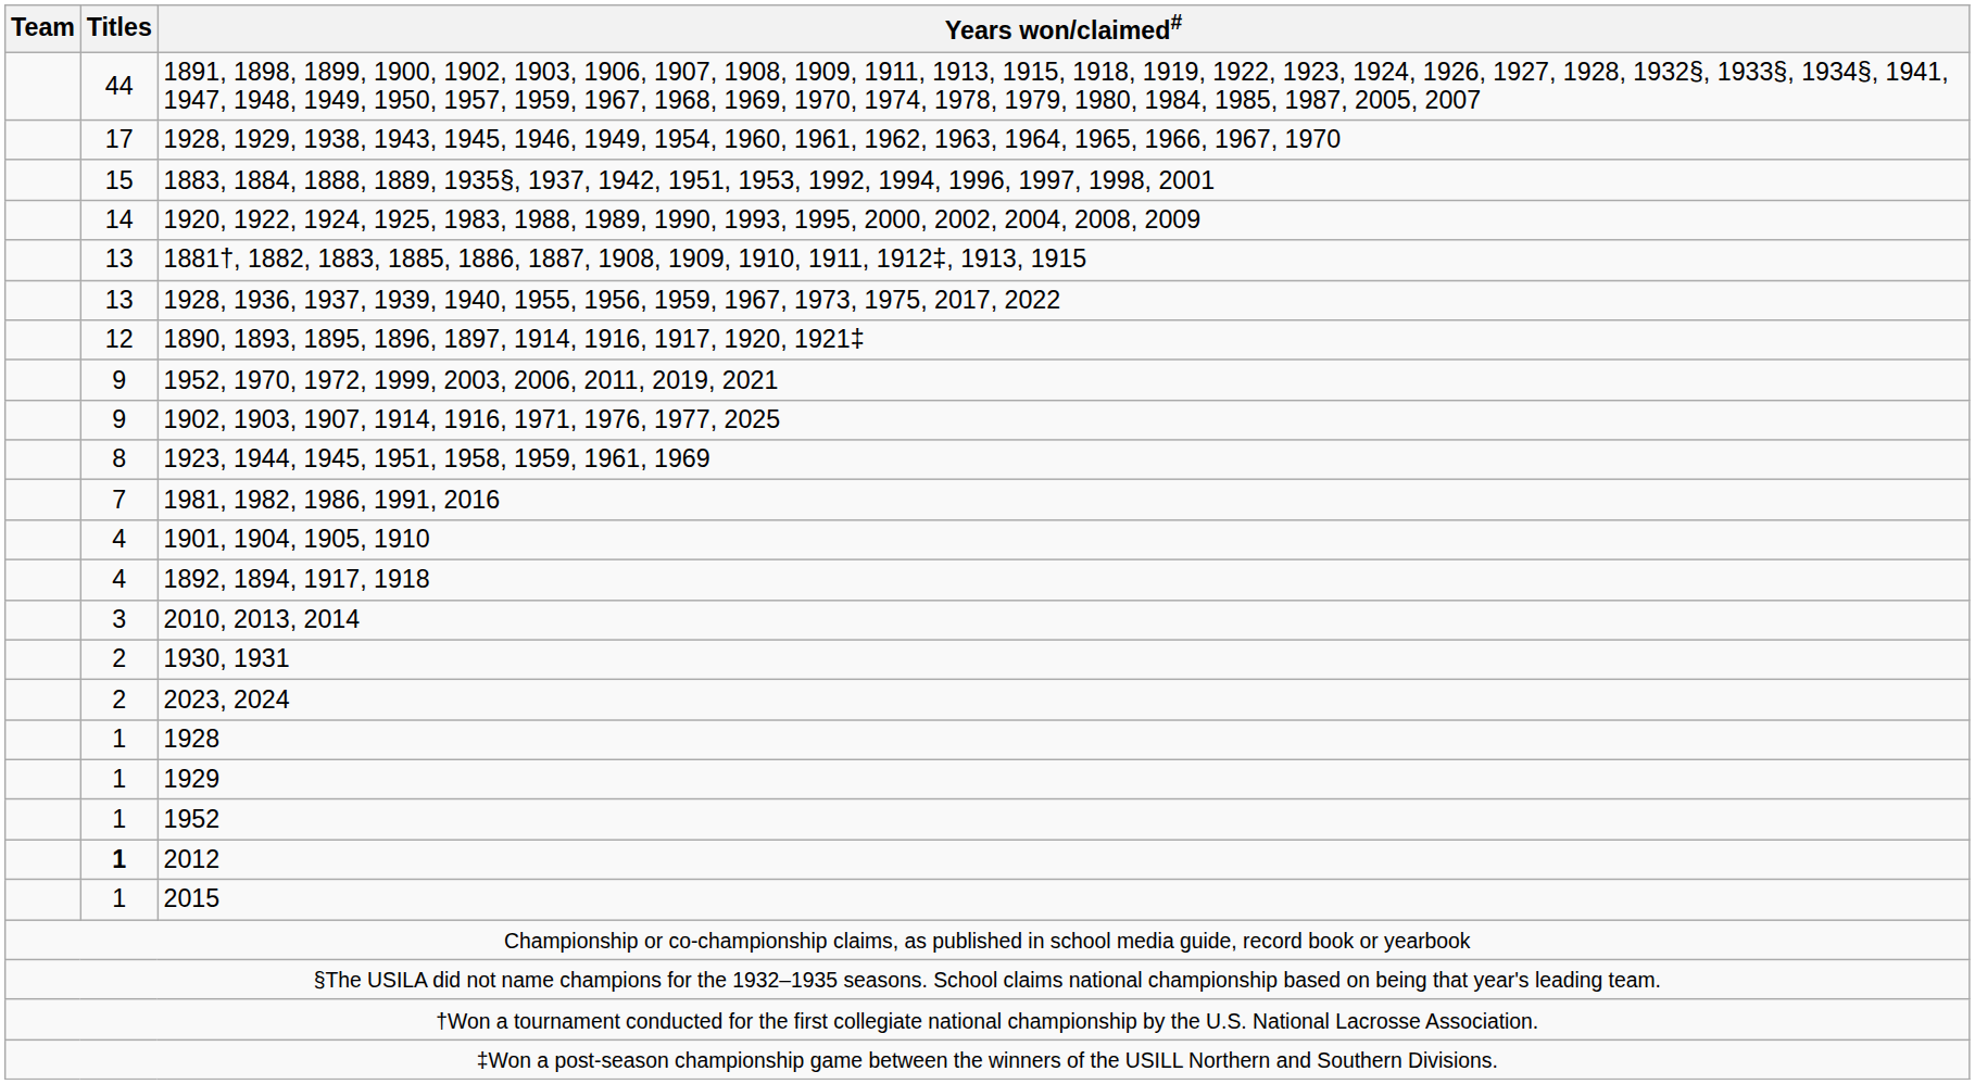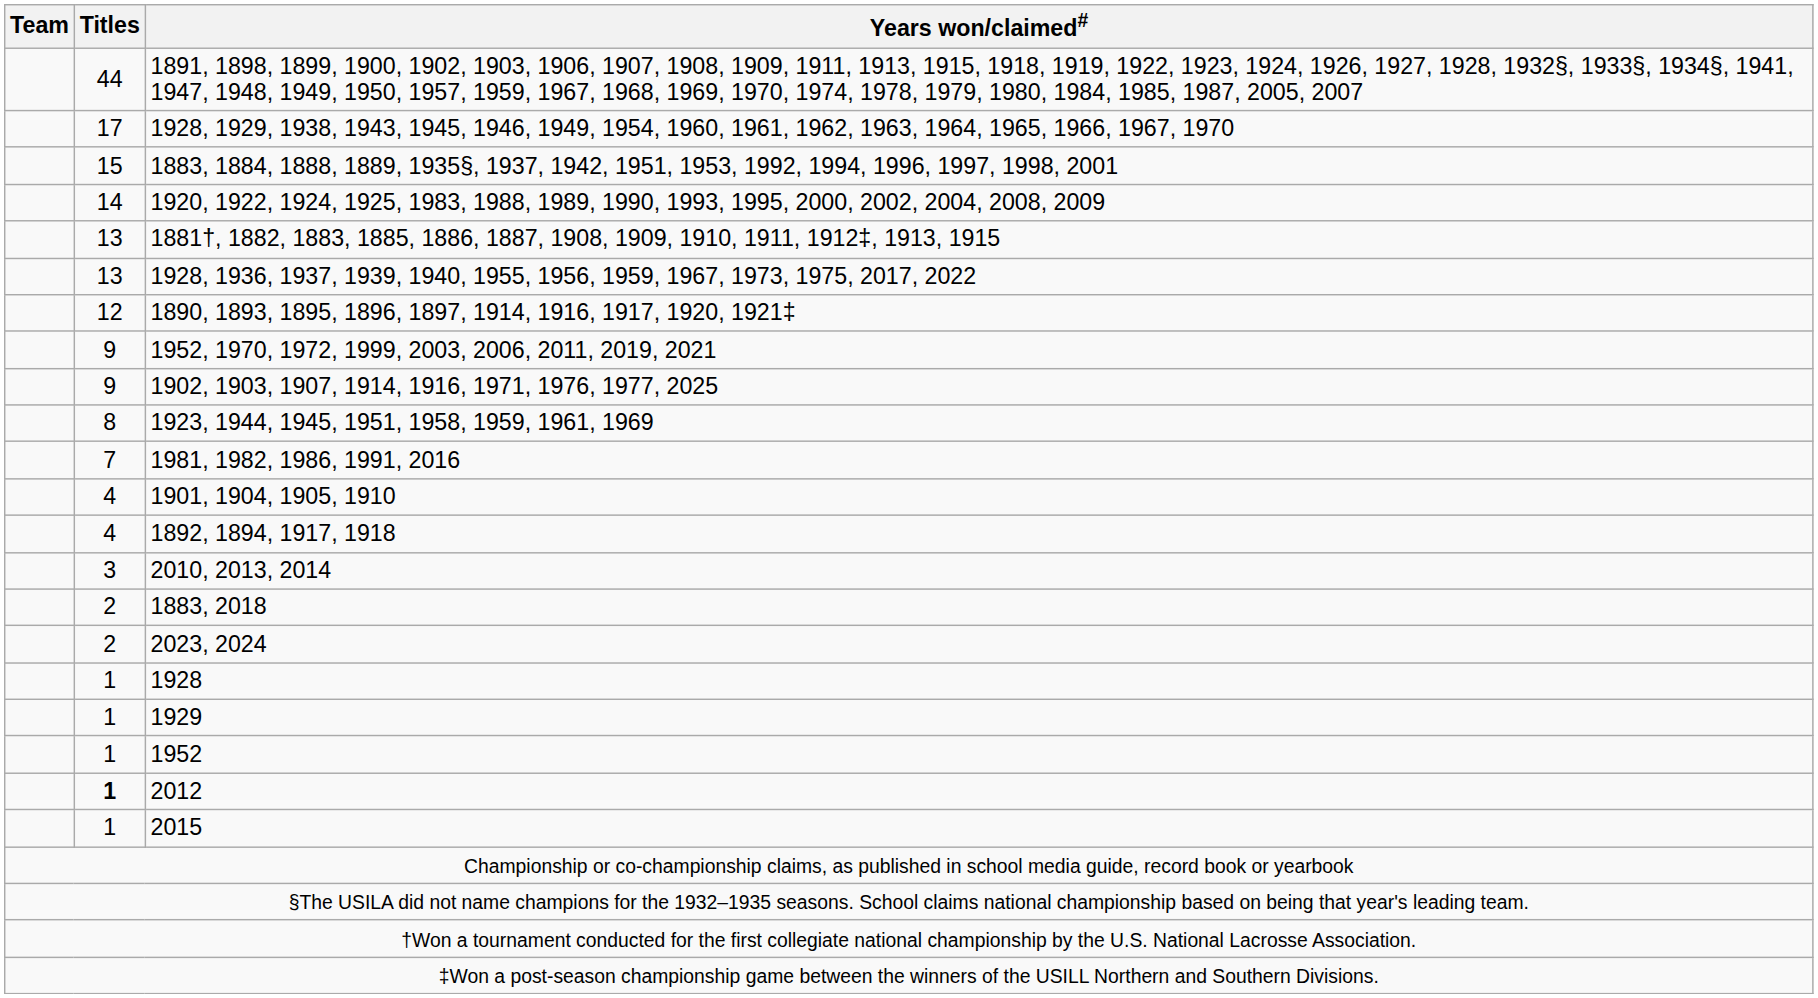 <table class="wikitable sortable" style=text-align:center>
 <tr>
 <th>Team</th>
 <th>Titles</th>
 <th>Years won/claimed<sup>#</sup></th>
 </tr>
 <tr>
 <td><strong></strong></td>
 <td>44</td>
 <td align=left>1891, 1898, 1899, 1900, 1902, 1903, 1906, 1907, 1908, 1909, 1911, 1913, 1915, 1918, 1919, 1922, 1923, 1924, 1926, 1927, 1928, 1932§, 1933§, 1934§, 1941, 1947, 1948, 1949, 1950, 1957, 1959, 1967, 1968, 1969, 1970, 1974, 1978, 1979, 1980, 1984, 1985, 1987, 2005, 2007</td>
 </tr>
 <tr>
 <td><strong></strong></td>
 <td>17</td>
 <td align=left>1928, 1929, 1938, 1943, 1945, 1946, 1949, 1954, 1960, 1961, 1962, 1963, 1964, 1965, 1966, 1967, 1970</td>
 </tr>
 <tr>
 <td><strong></strong></td>
 <td>15</td>
 <td align=left>1883, 1884, 1888, 1889, 1935§, 1937, 1942, 1951, 1953, 1992, 1994, 1996, 1997, 1998, 2001</td>
 </tr>
 <tr>
 <td><strong></strong></td>
 <td>14</td>
 <td align=left>1920, 1922, 1924, 1925, 1983, 1988, 1989, 1990, 1993, 1995, 2000, 2002, 2004, 2008, 2009</td>
 </tr>
 <tr>
 <td><strong><a href='#'></a></strong></td>
 <td>13</td>
 <td align=left>1881†, 1882, 1883, 1885, 1886, 1887, 1908, 1909, 1910, 1911, 1912‡, 1913, 1915</td>
 </tr>
 <tr>
 <td><strong><a href='#'></a></strong></td>
 <td>13</td>
 <td align=left>1928, 1936, 1937, 1939, 1940, 1955, 1956, 1959, 1967, 1973, 1975, 2017, 2022</td>
 </tr>
 <tr>
 <td><strong><a href='#'></a></strong></td>
 <td>12</td>
 <td align=left>1890, 1893, 1895, 1896, 1897, 1914, 1916, 1917, 1920, 1921‡</td>
 </tr>
 <tr>
 <td><strong><a href='#'></a></strong></td>
 <td>9</td>
 <td align=left>1952, 1970, 1972, 1999, 2003, 2006, 2011, 2019, 2021</td>
 </tr>
 <tr>
 <td><strong><a href='#'></a></strong></td>
 <td>9</td>
 <td align=left>1902, 1903, 1907, 1914, 1916, 1971, 1976, 1977, 2025</td>
 </tr>
 <tr>
 <td><strong></strong></td>
 <td>8</td>
 <td align=left>1923, 1944, 1945, 1951, 1958, 1959, 1961, 1969</td>
 </tr>
 <tr>
 <td><strong></strong></td>
 <td>7</td>
 <td align=left>1981, 1982, 1986, 1991, 2016</td>
 </tr>
 <tr>
 <td><strong><a href='#'></a></strong></td>
 <td>4</td>
 <td align=left>1901, 1904, 1905, 1910</td>
 </tr>
 <tr>
 <td><strong><a href='#'></a></strong></td>
 <td>4</td>
 <td align=left>1892, 1894, 1917, 1918</td>
 </tr>
 <tr>
 <td><strong><a href='#'></a></strong></td>
 <td>3</td>
 <td align=left>2010, 2013, 2014</td>
 </tr>
 <tr>
 <td><strong><a href='#'></a></strong></td>
 <td>2</td>
-<td align=left>1930, 1931</td>
+<td align=left>1883, 2018</td>
 </tr>
 <tr>
 <td><strong></strong></td>
 <td>2</td>
 <td align=left>2023, 2024</td>
 </tr>
 <tr>
 <td><strong><a href='#'></a></strong></td>
 <td>1</td>
 <td align=left>1928</td>
 </tr>
 <tr>
 <td><strong><a href='#'></a></strong></td>
 <td>1</td>
 <td align=left>1929</td>
 </tr>
 <tr>
 <td><strong><a href='#'></a></strong></td>
 <td>1</td>
 <td align=left>1952</td>
 </tr>
 <tr>
 <td><strong></strong></td>
 <td><strong>1</strong></td>
 <td align=left>2012</td>
 </tr>
 <tr>
 <td><strong><a href='#'></a></strong></td>
 <td>1</td>
 <td align=left>2015</td>
 </tr>
 <tr>
 <td colspan="3"><small>Championship or co-championship claims, as published in school media guide, record book or yearbook</small></td>
 </tr>
 <tr>
 <td colspan="3"><small>§The USILA did not name champions for the 1932–1935 seasons. School claims national championship based on being that year's leading team.</small></td>
 </tr>
 <tr>
 <td colspan="3"><small>†Won a tournament conducted for the first collegiate national championship by the U.S. National Lacrosse Association.</small></td>
 </tr>
 <tr>
 <td colspan="3"><small>‡Won a post-season championship game between the winners of the USILL Northern and Southern Divisions.</small></td>
 </tr>
 </table>
